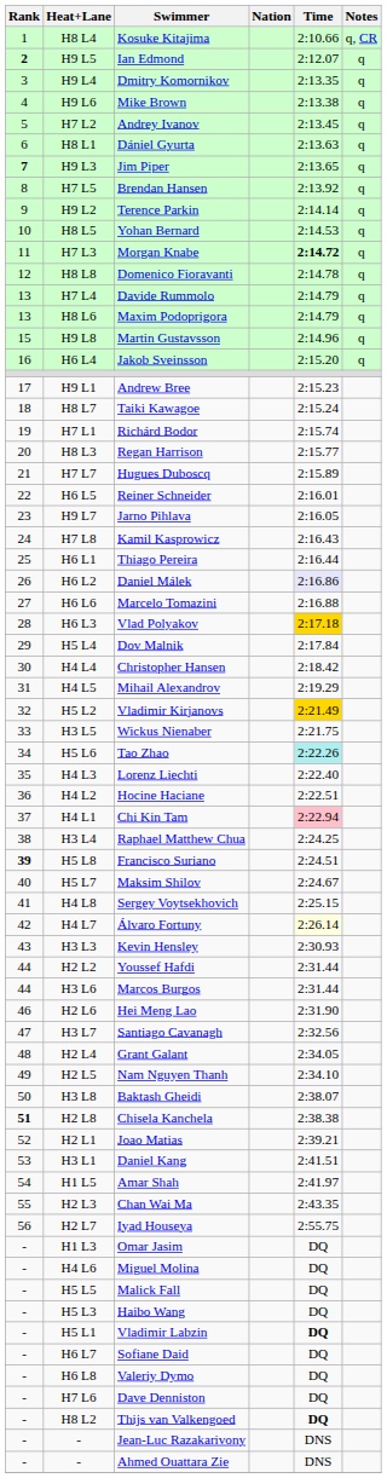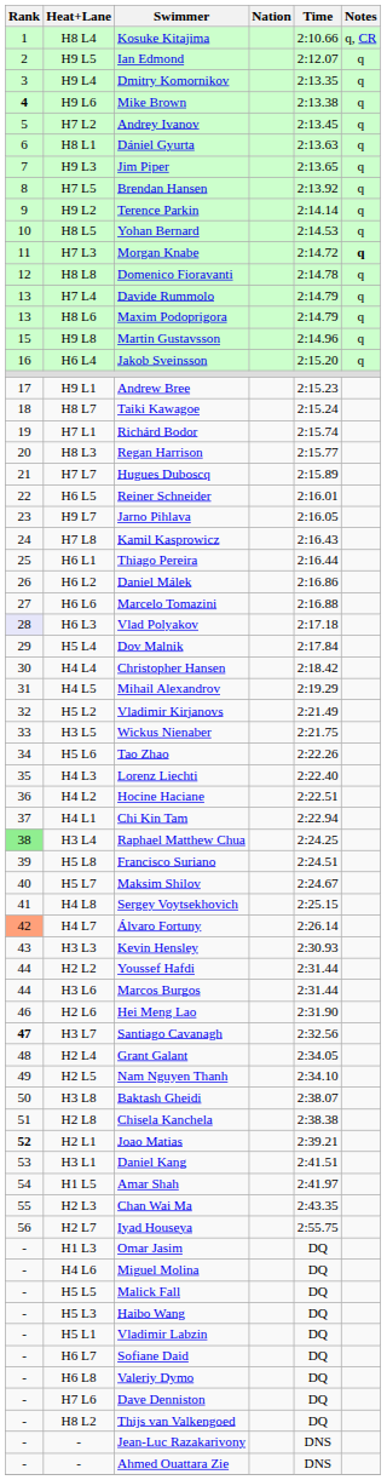 <table class="wikitable sortable" style="text-align:center">
 <tr>
 <th>Rank</th>
 <th>Heat+Lane</th>
 <th>Swimmer</th>
 <th>Nation</th>
 <th>Time</th>
 <th>Notes</th>
 </tr>
 <tr bgcolor=ccffcc>
 <td>1</td>
 <td>H8 L4</td>
 <td align=left><a href='#'>Kosuke Kitajima</a></td>
 <td align=left></td>
 <td>2:10.66</td>
 <td>q, <a href='#'>CR</a></td>
 </tr>
 <tr bgcolor=ccffcc>
-<td><strong>2</strong></td>
+<td>2</td>
 <td>H9 L5</td>
 <td align=left><a href='#'>Ian Edmond</a></td>
 <td align=left></td>
 <td>2:12.07</td>
 <td>q</td>
 </tr>
 <tr bgcolor=ccffcc>
 <td>3</td>
 <td>H9 L4</td>
 <td align=left><a href='#'>Dmitry Komornikov</a></td>
 <td align=left></td>
 <td>2:13.35</td>
 <td>q</td>
 </tr>
 <tr bgcolor=ccffcc>
-<td>4</td>
+<td><strong>4</strong></td>
 <td>H9 L6</td>
 <td align=left><a href='#'>Mike Brown</a></td>
 <td align=left></td>
 <td>2:13.38</td>
 <td>q</td>
 </tr>
 <tr bgcolor=ccffcc>
 <td>5</td>
 <td>H7 L2</td>
 <td align=left><a href='#'>Andrey Ivanov</a></td>
 <td align=left></td>
 <td>2:13.45</td>
 <td>q</td>
 </tr>
 <tr bgcolor=ccffcc>
 <td>6</td>
 <td>H8 L1</td>
 <td align=left><a href='#'>Dániel Gyurta</a></td>
 <td align=left></td>
 <td>2:13.63</td>
 <td>q</td>
 </tr>
 <tr bgcolor=ccffcc>
-<td><strong>7</strong></td>
+<td>7</td>
 <td>H9 L3</td>
 <td align=left><a href='#'>Jim Piper</a></td>
 <td align=left></td>
 <td>2:13.65</td>
 <td>q</td>
 </tr>
 <tr bgcolor=ccffcc>
 <td>8</td>
 <td>H7 L5</td>
 <td align=left><a href='#'>Brendan Hansen</a></td>
 <td align=left></td>
 <td>2:13.92</td>
 <td>q</td>
 </tr>
 <tr bgcolor=ccffcc>
 <td>9</td>
 <td>H9 L2</td>
 <td align=left><a href='#'>Terence Parkin</a></td>
 <td align=left></td>
 <td>2:14.14</td>
 <td>q</td>
 </tr>
 <tr bgcolor=ccffcc>
 <td>10</td>
 <td>H8 L5</td>
 <td align=left><a href='#'>Yohan Bernard</a></td>
 <td align=left></td>
 <td>2:14.53</td>
 <td>q</td>
 </tr>
 <tr bgcolor=ccffcc>
 <td>11</td>
 <td>H7 L3</td>
 <td align=left><a href='#'>Morgan Knabe</a></td>
 <td align=left></td>
-<td><strong>2:14.72</strong></td>
-<td>q</td>
+<td>2:14.72</td>
+<td><strong>q</strong></td>
 </tr>
 <tr bgcolor=ccffcc>
 <td>12</td>
 <td>H8 L8</td>
 <td align=left><a href='#'>Domenico Fioravanti</a></td>
 <td align=left></td>
 <td>2:14.78</td>
 <td>q</td>
 </tr>
 <tr bgcolor=ccffcc>
 <td>13</td>
 <td>H7 L4</td>
 <td align=left><a href='#'>Davide Rummolo</a></td>
 <td align=left></td>
 <td>2:14.79</td>
 <td>q</td>
 </tr>
 <tr bgcolor=ccffcc>
 <td>13</td>
 <td>H8 L6</td>
 <td align=left><a href='#'>Maxim Podoprigora</a></td>
 <td align=left></td>
 <td>2:14.79</td>
 <td>q</td>
 </tr>
 <tr bgcolor=ccffcc>
 <td>15</td>
 <td>H9 L8</td>
 <td align=left><a href='#'>Martin Gustavsson</a></td>
 <td align=left></td>
 <td>2:14.96</td>
 <td>q</td>
 </tr>
 <tr bgcolor=ccffcc>
 <td>16</td>
 <td>H6 L4</td>
 <td align=left><a href='#'>Jakob Sveinsson</a></td>
 <td align=left></td>
 <td>2:15.20</td>
 <td>q</td>
 </tr>
 <tr bgcolor=#DDDDDD>
 <td colspan=6></td>
 </tr>
 <tr>
 <td>17</td>
 <td>H9 L1</td>
 <td align=left><a href='#'>Andrew Bree</a></td>
 <td align=left></td>
 <td>2:15.23</td>
 <td></td>
 </tr>
 <tr>
 <td>18</td>
 <td>H8 L7</td>
 <td align=left><a href='#'>Taiki Kawagoe</a></td>
 <td align=left></td>
 <td>2:15.24</td>
 <td></td>
 </tr>
 <tr>
 <td>19</td>
 <td>H7 L1</td>
 <td align=left><a href='#'>Richárd Bodor</a></td>
 <td align=left></td>
 <td>2:15.74</td>
 <td></td>
 </tr>
 <tr>
 <td>20</td>
 <td>H8 L3</td>
 <td align=left><a href='#'>Regan Harrison</a></td>
 <td align=left></td>
 <td>2:15.77</td>
 <td></td>
 </tr>
 <tr>
 <td>21</td>
 <td>H7 L7</td>
 <td align=left><a href='#'>Hugues Duboscq</a></td>
 <td align=left></td>
 <td>2:15.89</td>
 <td></td>
 </tr>
 <tr>
 <td>22</td>
 <td>H6 L5</td>
 <td align=left><a href='#'>Reiner Schneider</a></td>
 <td align=left></td>
 <td>2:16.01</td>
 <td></td>
 </tr>
 <tr>
 <td>23</td>
 <td>H9 L7</td>
 <td align=left><a href='#'>Jarno Pihlava</a></td>
 <td align=left></td>
 <td>2:16.05</td>
 <td></td>
 </tr>
 <tr>
 <td>24</td>
 <td>H7 L8</td>
 <td align=left><a href='#'>Kamil Kasprowicz</a></td>
 <td align=left></td>
 <td>2:16.43</td>
 <td></td>
 </tr>
 <tr>
 <td>25</td>
 <td>H6 L1</td>
 <td align=left><a href='#'>Thiago Pereira</a></td>
 <td align=left></td>
 <td>2:16.44</td>
 <td></td>
 </tr>
 <tr>
 <td>26</td>
 <td>H6 L2</td>
 <td align=left><a href='#'>Daniel Málek</a></td>
 <td align=left></td>
-<td style="background: lavender;">2:16.86</td>
+<td>2:16.86</td>
 <td></td>
 </tr>
 <tr>
 <td>27</td>
 <td>H6 L6</td>
 <td align=left><a href='#'>Marcelo Tomazini</a></td>
 <td align=left></td>
 <td>2:16.88</td>
 <td></td>
 </tr>
 <tr>
-<td>28</td>
+<td style="background: lavender;">28</td>
 <td>H6 L3</td>
 <td align=left><a href='#'>Vlad Polyakov</a></td>
 <td align=left></td>
-<td style="background: gold;">2:17.18</td>
+<td>2:17.18</td>
 <td></td>
 </tr>
 <tr>
 <td>29</td>
 <td>H5 L4</td>
 <td align=left><a href='#'>Dov Malnik</a></td>
 <td align=left></td>
 <td>2:17.84</td>
 <td></td>
 </tr>
 <tr>
 <td>30</td>
 <td>H4 L4</td>
 <td align=left><a href='#'>Christopher Hansen</a></td>
 <td align=left></td>
 <td>2:18.42</td>
 <td></td>
 </tr>
 <tr>
 <td>31</td>
 <td>H4 L5</td>
 <td align=left><a href='#'>Mihail Alexandrov</a></td>
 <td align=left></td>
 <td>2:19.29</td>
 <td></td>
 </tr>
 <tr>
 <td>32</td>
 <td>H5 L2</td>
 <td align=left><a href='#'>Vladimir Kirjanovs</a></td>
 <td align=left></td>
-<td style="background: gold;">2:21.49</td>
+<td>2:21.49</td>
 <td></td>
 </tr>
 <tr>
 <td>33</td>
 <td>H3 L5</td>
 <td align=left><a href='#'>Wickus Nienaber</a></td>
 <td align=left></td>
 <td>2:21.75</td>
 <td></td>
 </tr>
 <tr>
 <td>34</td>
 <td>H5 L6</td>
 <td align=left><a href='#'>Tao Zhao</a></td>
 <td align=left></td>
-<td style="background: paleturquoise;">2:22.26</td>
+<td>2:22.26</td>
 <td></td>
 </tr>
 <tr>
 <td>35</td>
 <td>H4 L3</td>
 <td align=left><a href='#'>Lorenz Liechti</a></td>
 <td align=left></td>
 <td>2:22.40</td>
 <td></td>
 </tr>
 <tr>
 <td>36</td>
 <td>H4 L2</td>
 <td align=left><a href='#'>Hocine Haciane</a></td>
 <td align=left></td>
 <td>2:22.51</td>
 <td></td>
 </tr>
 <tr>
 <td>37</td>
 <td>H4 L1</td>
 <td align=left><a href='#'>Chi Kin Tam</a></td>
 <td align=left></td>
-<td style="background: pink;">2:22.94</td>
+<td>2:22.94</td>
 <td></td>
 </tr>
 <tr>
-<td>38</td>
+<td style="background: lightgreen;">38</td>
 <td>H3 L4</td>
 <td align=left><a href='#'>Raphael Matthew Chua</a></td>
 <td align=left></td>
 <td>2:24.25</td>
 <td></td>
 </tr>
 <tr>
-<td><strong>39</strong></td>
+<td>39</td>
 <td>H5 L8</td>
 <td align=left><a href='#'>Francisco Suriano</a></td>
 <td align=left></td>
 <td>2:24.51</td>
 <td></td>
 </tr>
 <tr>
 <td>40</td>
 <td>H5 L7</td>
 <td align=left><a href='#'>Maksim Shilov</a></td>
 <td align=left></td>
 <td>2:24.67</td>
 <td></td>
 </tr>
 <tr>
 <td>41</td>
 <td>H4 L8</td>
 <td align=left><a href='#'>Sergey Voytsekhovich</a></td>
 <td align=left></td>
 <td>2:25.15</td>
 <td></td>
 </tr>
 <tr>
-<td>42</td>
+<td style="background: lightsalmon;">42</td>
 <td>H4 L7</td>
 <td align=left><a href='#'>Álvaro Fortuny</a></td>
 <td align=left></td>
-<td style="background: lightyellow;">2:26.14</td>
+<td>2:26.14</td>
 <td></td>
 </tr>
 <tr>
 <td>43</td>
 <td>H3 L3</td>
 <td align=left><a href='#'>Kevin Hensley</a></td>
 <td align=left></td>
 <td>2:30.93</td>
 <td></td>
 </tr>
 <tr>
 <td>44</td>
 <td>H2 L2</td>
 <td align=left><a href='#'>Youssef Hafdi</a></td>
 <td align=left></td>
 <td>2:31.44</td>
 <td></td>
 </tr>
 <tr>
 <td>44</td>
 <td>H3 L6</td>
 <td align=left><a href='#'>Marcos Burgos</a></td>
 <td align=left></td>
 <td>2:31.44</td>
 <td></td>
 </tr>
 <tr>
 <td>46</td>
 <td>H2 L6</td>
 <td align=left><a href='#'>Hei Meng Lao</a></td>
 <td align=left></td>
 <td>2:31.90</td>
 <td></td>
 </tr>
 <tr>
-<td>47</td>
+<td><strong>47</strong></td>
 <td>H3 L7</td>
 <td align=left><a href='#'>Santiago Cavanagh</a></td>
 <td align=left></td>
 <td>2:32.56</td>
 <td></td>
 </tr>
 <tr>
 <td>48</td>
 <td>H2 L4</td>
 <td align=left><a href='#'>Grant Galant</a></td>
 <td align=left></td>
 <td>2:34.05</td>
 <td></td>
 </tr>
 <tr>
 <td>49</td>
 <td>H2 L5</td>
 <td align=left><a href='#'>Nam Nguyen Thanh</a></td>
 <td align=left></td>
 <td>2:34.10</td>
 <td></td>
 </tr>
 <tr>
 <td>50</td>
 <td>H3 L8</td>
 <td align=left><a href='#'>Baktash Gheidi</a></td>
 <td align=left></td>
 <td>2:38.07</td>
 <td></td>
 </tr>
 <tr>
-<td><strong>51</strong></td>
+<td>51</td>
 <td>H2 L8</td>
 <td align=left><a href='#'>Chisela Kanchela</a></td>
 <td align=left></td>
 <td>2:38.38</td>
 <td></td>
 </tr>
 <tr>
-<td>52</td>
+<td><strong>52</strong></td>
 <td>H2 L1</td>
 <td align=left><a href='#'>Joao Matias</a></td>
 <td align=left></td>
 <td>2:39.21</td>
 <td></td>
 </tr>
 <tr>
 <td>53</td>
 <td>H3 L1</td>
 <td align=left><a href='#'>Daniel Kang</a></td>
 <td align=left></td>
 <td>2:41.51</td>
 <td></td>
 </tr>
 <tr>
 <td>54</td>
 <td>H1 L5</td>
 <td align=left><a href='#'>Amar Shah</a></td>
 <td align=left></td>
 <td>2:41.97</td>
 <td></td>
 </tr>
 <tr>
 <td>55</td>
 <td>H2 L3</td>
 <td align=left><a href='#'>Chan Wai Ma</a></td>
 <td align=left></td>
 <td>2:43.35</td>
 <td></td>
 </tr>
 <tr>
 <td>56</td>
 <td>H2 L7</td>
 <td align=left><a href='#'>Iyad Houseya</a></td>
 <td align=left></td>
 <td>2:55.75</td>
 <td></td>
 </tr>
 <tr>
 <td>-</td>
 <td>H1 L3</td>
 <td align=left><a href='#'>Omar Jasim</a></td>
 <td align=left></td>
 <td>DQ</td>
 <td></td>
 </tr>
 <tr>
 <td>-</td>
 <td>H4 L6</td>
 <td align=left><a href='#'>Miguel Molina</a></td>
 <td align=left></td>
 <td>DQ</td>
 <td></td>
 </tr>
 <tr>
 <td>-</td>
 <td>H5 L5</td>
 <td align=left><a href='#'>Malick Fall</a></td>
 <td align=left></td>
 <td>DQ</td>
 <td></td>
 </tr>
 <tr>
 <td>-</td>
 <td>H5 L3</td>
 <td align=left><a href='#'>Haibo Wang</a></td>
 <td align=left></td>
 <td>DQ</td>
 <td></td>
 </tr>
 <tr>
 <td>-</td>
 <td>H5 L1</td>
 <td align=left><a href='#'>Vladimir Labzin</a></td>
 <td align=left></td>
-<td><strong>DQ</strong></td>
+<td>DQ</td>
 <td></td>
 </tr>
 <tr>
 <td>-</td>
 <td>H6 L7</td>
 <td align=left><a href='#'>Sofiane Daid</a></td>
 <td align=left></td>
 <td>DQ</td>
 <td></td>
 </tr>
 <tr>
 <td>-</td>
 <td>H6 L8</td>
 <td align=left><a href='#'>Valeriy Dymo</a></td>
 <td align=left></td>
 <td>DQ</td>
 <td></td>
 </tr>
 <tr>
 <td>-</td>
 <td>H7 L6</td>
 <td align=left><a href='#'>Dave Denniston</a></td>
 <td align=left></td>
 <td>DQ</td>
 <td></td>
 </tr>
 <tr>
 <td>-</td>
 <td>H8 L2</td>
 <td align=left><a href='#'>Thijs van Valkengoed</a></td>
 <td align=left></td>
-<td><strong>DQ</strong></td>
+<td>DQ</td>
 <td></td>
 </tr>
 <tr>
 <td>-</td>
 <td>-</td>
 <td align=left><a href='#'>Jean-Luc Razakarivony</a></td>
 <td align=left></td>
 <td>DNS</td>
 <td></td>
 </tr>
 <tr>
 <td>-</td>
 <td>-</td>
 <td align=left><a href='#'>Ahmed Ouattara Zie</a></td>
 <td align=left></td>
 <td>DNS</td>
 <td></td>
 </tr>
 <tr>
 </tr>
 </table>
